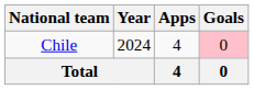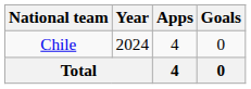 <table class="wikitable" style="text-align:center">
 <tr>
 <th>National team</th>
 <th>Year</th>
 <th>Apps</th>
 <th>Goals</th>
 </tr>
 <tr>
 <td rowspan="1"><a href='#'>Chile</a></td>
 <td>2024</td>
 <td>4</td>
-<td style="background: pink;">0</td>
+<td>0</td>
 </tr>
 <tr>
 <th colspan="2">Total</th>
 <th>4</th>
 <th>0</th>
 </tr>
 </table>
